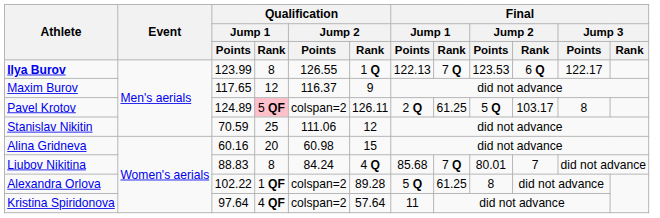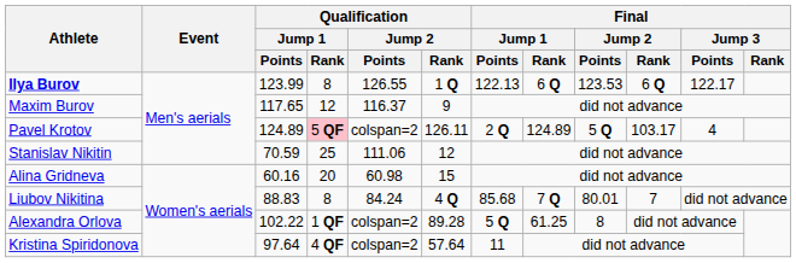 <table class="wikitable" style="font-size:90%">
 <tr>
 <th rowspan="3">Athlete</th>
 <th rowspan="3">Event</th>
 <th colspan=4>Qualification</th>
 <th colspan=6>Final</th>
 </tr>
 <tr style="font-size:95%">
 <th colspan=2>Jump 1</th>
 <th colspan=2>Jump 2</th>
 <th colspan=2>Jump 1</th>
 <th colspan=2>Jump 2</th>
 <th colspan=2>Jump 3</th>
 </tr>
 <tr style="font-size:95%">
 <th>Points</th>
 <th>Rank</th>
 <th>Points</th>
 <th>Rank</th>
 <th>Points</th>
 <th>Rank</th>
 <th>Points</th>
 <th>Rank</th>
 <th>Points</th>
 <th>Rank</th>
 </tr>
 <tr align=center>
 <td align=left><strong><a href='#'>Ilya Burov</a></strong></td>
 <td align="left" rowspan=4><a href='#'>Men's aerials</a></td>
 <td>123.99</td>
 <td>8</td>
 <td>126.55</td>
 <td>1 <strong>Q</strong></td>
 <td>122.13</td>
-<td>7 <strong>Q</strong></td>
+<td>6 <strong>Q</strong></td>
 <td>123.53</td>
 <td>6 <strong>Q</strong></td>
 <td>122.17</td>
 <td></td>
 </tr>
 <tr align=center>
 <td align=left><a href='#'>Maxim Burov</a></td>
 <td>117.65</td>
 <td>12</td>
 <td>116.37</td>
 <td>9</td>
 <td colspan=6>did not advance</td>
 </tr>
 <tr align=center>
 <td align=left><a href='#'>Pavel Krotov</a></td>
 <td>124.89</td>
 <td style="background: pink;">5 <strong>QF</strong></td>
 <td>colspan=2 </td>
 <td>126.11</td>
 <td>2 <strong>Q</strong></td>
-<td>61.25</td>
+<td>124.89</td>
 <td>5 <strong>Q</strong></td>
 <td>103.17</td>
-<td>8</td>
+<td>4</td>
 </tr>
 <tr align=center>
 <td align=left><a href='#'>Stanislav Nikitin</a></td>
 <td>70.59</td>
 <td>25</td>
 <td>111.06</td>
 <td>12</td>
 <td colspan=6>did not advance</td>
 </tr>
 <tr align=center>
 <td align=left><a href='#'>Alina Gridneva</a></td>
 <td align=left rowspan=4><a href='#'>Women's aerials</a></td>
 <td>60.16</td>
 <td>20</td>
 <td>60.98</td>
 <td>15</td>
 <td colspan=6>did not advance</td>
 </tr>
 <tr align=center>
 <td align=left><a href='#'>Liubov Nikitina</a></td>
 <td>88.83</td>
 <td>8</td>
 <td>84.24</td>
 <td>4 <strong>Q</strong></td>
 <td>85.68</td>
 <td>7 <strong>Q</strong></td>
 <td>80.01</td>
 <td>7</td>
 <td colspan=2>did not advance</td>
 </tr>
 <tr align=center>
 <td align=left><a href='#'>Alexandra Orlova</a></td>
 <td>102.22</td>
 <td>1 <strong>QF</strong></td>
 <td>colspan=2 </td>
 <td>89.28</td>
 <td>5 <strong>Q</strong></td>
 <td>61.25</td>
 <td>8</td>
 <td colspan=2>did not advance</td>
 </tr>
 <tr align=center>
 <td align=left><a href='#'>Kristina Spiridonova</a></td>
 <td>97.64</td>
 <td>4 <strong>QF</strong></td>
 <td>colspan=2 </td>
 <td>57.64</td>
 <td>11</td>
 <td colspan=4>did not advance</td>
 </tr>
 </table>
